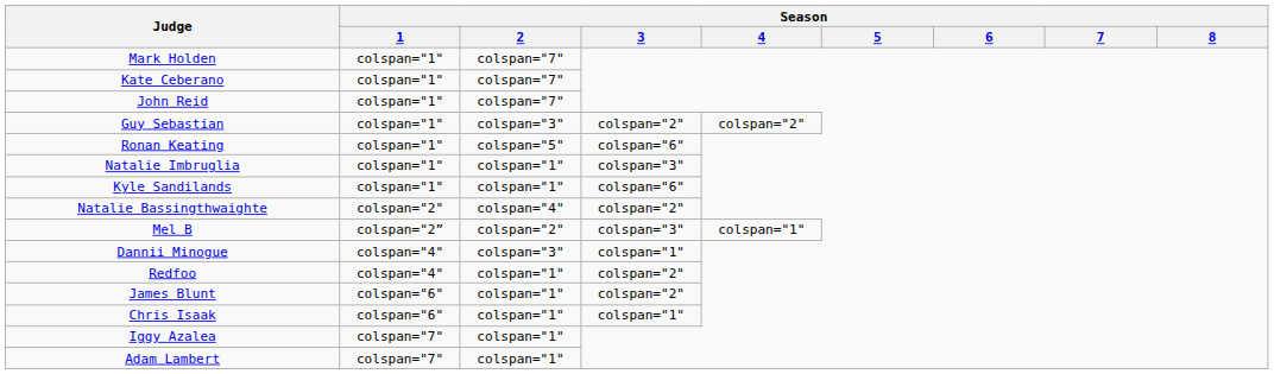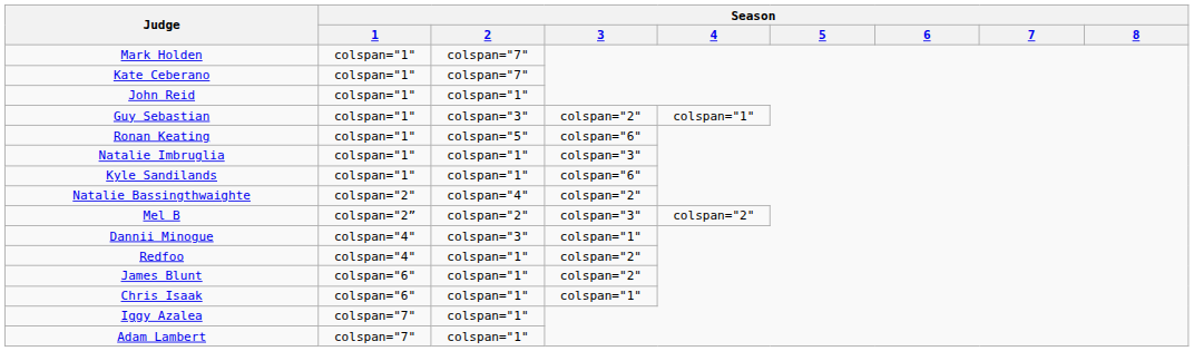 <table class="wikitable plainrowheaders" style="text-align:center">
 <tr>
 <th rowspan="2" style="width:20%;" scope="col">Judge</th>
 <th colspan="8">Season</th>
 </tr>
 <tr>
 <th style="width:6.67%;" scope="colspan"><a href='#'>1</a></th>
 <th style="width:6.67%;" scope="colspan"><a href='#'>2</a></th>
 <th style="width:6.67%;" scope="colspan"><a href='#'>3</a></th>
 <th style="width:6.67%;" scope="colspan"><a href='#'>4</a></th>
 <th style="width:6.67%;" scope="colspan"><a href='#'>5</a></th>
 <th style="width:6.67%;" scope="colspan"><a href='#'>6</a></th>
 <th style="width:6.67%;" scope="colspan"><a href='#'>7</a></th>
 <th style="width:6.67%;" scope="colspan"><a href='#'>8</a></th>
 </tr>
 <tr>
 <td ! scope="row" style="text-align: center;"><a href='#'>Mark Holden</a></td>
 <td>colspan="1" </td>
 <td>colspan="7" </td>
 </tr>
 <tr>
 <td ! scope="row" style="text-align: center;"><a href='#'>Kate Ceberano</a></td>
 <td>colspan="1" </td>
 <td>colspan="7" </td>
 </tr>
 <tr>
 <td ! scope="row" style="text-align: center;"><a href='#'>John Reid</a></td>
 <td>colspan="1" </td>
-<td>colspan="7" </td>
+<td>colspan="1" </td>
 </tr>
 <tr>
 <td ! scope="row" style="text-align: center;"><a href='#'>Guy Sebastian</a></td>
 <td>colspan="1" </td>
 <td>colspan="3" </td>
 <td>colspan="2" </td>
-<td>colspan="2" </td>
+<td>colspan="1" </td>
 </tr>
 <tr>
 <td scope="row" style="text-align: center;" !><a href='#'>Ronan Keating</a></td>
 <td>colspan="1" </td>
 <td>colspan="5" </td>
 <td>colspan="6" </td>
 </tr>
 <tr>
 <td ! scope="row" style="text-align: center;"><a href='#'>Natalie Imbruglia</a></td>
 <td>colspan="1" </td>
 <td>colspan="1" </td>
 <td>colspan="3" </td>
 </tr>
 <tr>
 <td ! scope="row" style="text-align: center;"><a href='#'>Kyle Sandilands</a></td>
 <td>colspan="1" </td>
 <td>colspan="1" </td>
 <td>colspan="6" </td>
 </tr>
 <tr>
 <td ! scope="row" style="text-align: center;"><a href='#'>Natalie Bassingthwaighte</a></td>
 <td>colspan="2" </td>
 <td>colspan="4" </td>
 <td>colspan="2" </td>
 </tr>
 <tr>
 <td ! scope="row" style="text-align: center;"><a href='#'>Mel B</a></td>
 <td>colspan="2” </td>
 <td>colspan="2" </td>
 <td>colspan="3" </td>
-<td>colspan="1" </td>
+<td>colspan="2" </td>
 </tr>
 <tr>
 <td ! scope="row" style="text-align: center;"><a href='#'>Dannii Minogue</a></td>
 <td>colspan="4" </td>
 <td>colspan="3" </td>
 <td>colspan="1" </td>
 </tr>
 <tr>
 <td ! scope="row" style="text-align: center;"><a href='#'>Redfoo</a></td>
 <td>colspan="4" </td>
 <td>colspan="1" </td>
 <td>colspan="2" </td>
 </tr>
 <tr>
 <td ! scope="row" style="text-align: center;"><a href='#'>James Blunt</a></td>
 <td>colspan="6" </td>
 <td>colspan="1" </td>
 <td>colspan="2" </td>
 </tr>
 <tr>
 <td ! scope="row" style="text-align: center;"><a href='#'>Chris Isaak</a></td>
 <td>colspan="6" </td>
 <td>colspan="1" </td>
 <td>colspan="1" </td>
 </tr>
 <tr>
 <td ! scope="row" style="text-align: center;"><a href='#'>Iggy Azalea</a></td>
 <td>colspan="7" </td>
 <td>colspan="1" </td>
 </tr>
 <tr>
 <td ! scope="row" style="text-align: center;"><a href='#'>Adam Lambert</a></td>
 <td>colspan="7" </td>
 <td>colspan="1" </td>
 </tr>
 </table>
